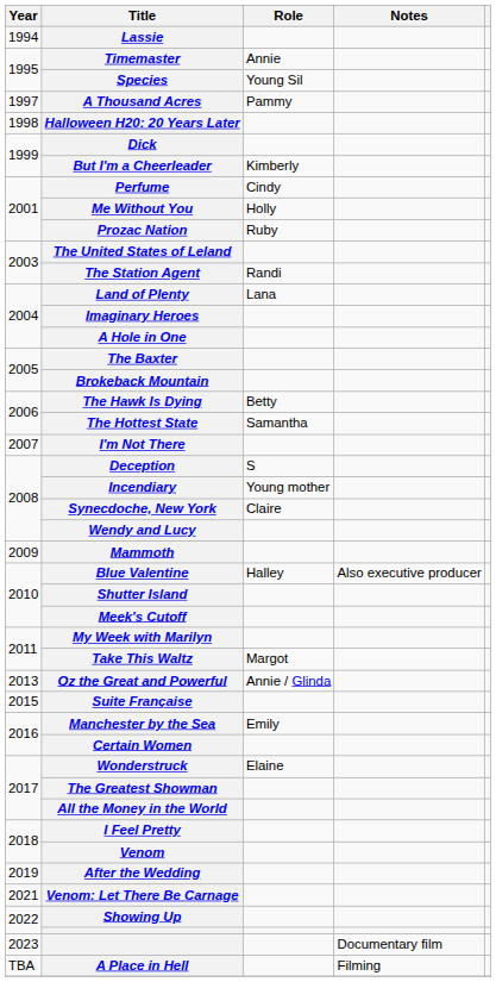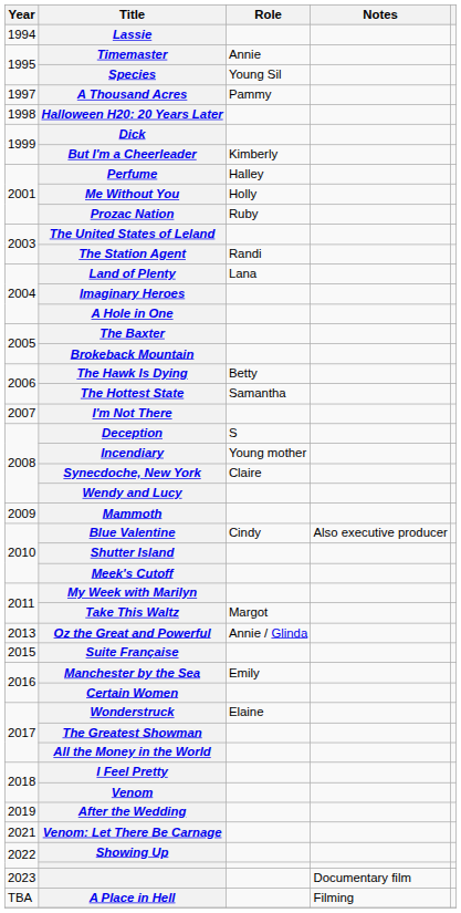 <table class="wikitable sortable plainrowheaders">
 <tr style="background:#ccc; text-align:center;">
 <th scope="col">Year</th>
 <th scope="col">Title</th>
 <th scope="col">Role</th>
 <th scope="col" class="unsortable">Notes</th>
 <th scope="col" class="unsortable"></th>
 </tr>
 <tr>
 <td>1994</td>
 <th scope="row"><em><a href='#'>Lassie</a></em></th>
 <td></td>
 <td></td>
 <td style="text-align: center;"></td>
 </tr>
 <tr>
 <td rowspan="2">1995</td>
 <th scope="row"><em><a href='#'>Timemaster</a></em></th>
 <td>Annie</td>
 <td></td>
 <td style="text-align: center;"></td>
 </tr>
 <tr>
 <th scope="row"><em><a href='#'>Species</a></em></th>
 <td>Young Sil</td>
 <td></td>
 <td style="text-align: center;"></td>
 </tr>
 <tr>
 <td>1997</td>
 <th scope="row" data-sort-value="Thousand Acres, A"><em><a href='#'>A Thousand Acres</a></em></th>
 <td>Pammy</td>
 <td></td>
 <td style="text-align: center;"></td>
 </tr>
 <tr>
 <td>1998</td>
 <th scope="row"><em><a href='#'>Halloween H20: 20 Years Later</a></em></th>
 <td></td>
 <td></td>
 <td style="text-align: center;"></td>
 </tr>
 <tr>
 <td rowspan="2">1999</td>
 <th scope="row"><em><a href='#'>Dick</a></em></th>
 <td></td>
 <td></td>
 <td style="text-align: center;"></td>
 </tr>
 <tr>
 <th scope="row"><em><a href='#'>But I'm a Cheerleader</a></em></th>
 <td>Kimberly</td>
 <td></td>
 <td style="text-align: center;"></td>
 </tr>
 <tr>
 <td rowspan="3">2001</td>
 <th scope="row"><em><a href='#'>Perfume</a></em></th>
-<td>Cindy</td>
+<td>Halley</td>
 <td></td>
 <td style="text-align: center;"></td>
 </tr>
 <tr>
 <th scope="row"><em><a href='#'>Me Without You</a></em></th>
 <td>Holly</td>
 <td></td>
 <td style="text-align: center;"></td>
 </tr>
 <tr>
 <th scope="row"><em><a href='#'>Prozac Nation</a></em></th>
 <td>Ruby</td>
 <td></td>
 <td style="text-align: center;"></td>
 </tr>
 <tr>
 <td rowspan="2">2003</td>
 <th scope="row" data-sort-value="United States of Leland, The"><em><a href='#'>The United States of Leland</a></em></th>
 <td></td>
 <td></td>
 <td style="text-align: center;"></td>
 </tr>
 <tr>
 <th scope="row" data-sort-value="Station Agent, The"><em><a href='#'>The Station Agent</a></em></th>
 <td>Randi</td>
 <td></td>
 <td style="text-align: center;"></td>
 </tr>
 <tr>
 <td rowspan="3">2004</td>
 <th scope="row"><em><a href='#'>Land of Plenty</a></em></th>
 <td>Lana</td>
 <td></td>
 <td style="text-align: center;"></td>
 </tr>
 <tr>
 <th scope="row"><em><a href='#'>Imaginary Heroes</a></em></th>
 <td></td>
 <td></td>
 <td style="text-align: center;"></td>
 </tr>
 <tr>
 <th scope="row" data-sort-value="Hole in One, A"><em><a href='#'>A Hole in One</a></em></th>
 <td></td>
 <td></td>
 <td style="text-align: center;"></td>
 </tr>
 <tr>
 <td rowspan="2">2005</td>
 <th scope="row" data-sort-value="Baxter, The"><em><a href='#'>The Baxter</a></em></th>
 <td></td>
 <td></td>
 <td style="text-align: center;"></td>
 </tr>
 <tr>
 <th scope="row"><em><a href='#'>Brokeback Mountain</a></em></th>
 <td></td>
 <td></td>
 <td style="text-align: center;"></td>
 </tr>
 <tr>
 <td rowspan="2">2006</td>
 <th scope="row" data-sort-value="Hawk Is Dying, The"><em><a href='#'>The Hawk Is Dying</a></em></th>
 <td>Betty</td>
 <td></td>
 <td style="text-align: center;"></td>
 </tr>
 <tr>
 <th scope="row" data-sort-value="Hottest State, The"><em><a href='#'>The Hottest State</a></em></th>
 <td>Samantha</td>
 <td></td>
 <td style="text-align: center;"></td>
 </tr>
 <tr>
 <td>2007</td>
 <th scope="row"><em><a href='#'>I'm Not There</a></em></th>
 <td></td>
 <td></td>
 <td style="text-align: center;"></td>
 </tr>
 <tr>
 <td rowspan="4">2008</td>
 <th scope="row"><em><a href='#'>Deception</a></em></th>
 <td>S</td>
 <td></td>
 <td style="text-align: center;"></td>
 </tr>
 <tr>
 <th scope="row"><em><a href='#'>Incendiary</a></em></th>
 <td>Young mother</td>
 <td></td>
 <td style="text-align: center;"></td>
 </tr>
 <tr>
 <th scope="row"><em><a href='#'>Synecdoche, New York</a></em></th>
 <td>Claire</td>
 <td></td>
 <td style="text-align: center;"></td>
 </tr>
 <tr>
 <th scope="row"><em><a href='#'>Wendy and Lucy</a></em></th>
 <td></td>
 <td></td>
 <td style="text-align: center;"></td>
 </tr>
 <tr>
 <td>2009</td>
 <th scope="row"><em><a href='#'>Mammoth</a></em></th>
 <td></td>
 <td></td>
 <td style="text-align: center;"></td>
 </tr>
 <tr>
 <td rowspan="3">2010</td>
 <th scope="row"><em><a href='#'>Blue Valentine</a></em></th>
-<td>Halley</td>
+<td>Cindy</td>
 <td>Also executive producer</td>
 <td style="text-align: center;"></td>
 </tr>
 <tr>
 <th scope="row"><em><a href='#'>Shutter Island</a></em></th>
 <td></td>
 <td></td>
 <td style="text-align: center;"></td>
 </tr>
 <tr>
 <th scope="row"><em><a href='#'>Meek's Cutoff</a></em></th>
 <td></td>
 <td></td>
 <td style="text-align: center;"></td>
 </tr>
 <tr>
 <td rowspan="2">2011</td>
 <th scope="row"><em><a href='#'>My Week with Marilyn</a></em></th>
 <td></td>
 <td></td>
 <td style="text-align: center;"></td>
 </tr>
 <tr>
 <th scope="row"><em><a href='#'>Take This Waltz</a></em></th>
 <td>Margot</td>
 <td></td>
 <td style="text-align: center;"></td>
 </tr>
 <tr>
 <td>2013</td>
 <th scope="row"><em><a href='#'>Oz the Great and Powerful</a></em></th>
 <td>Annie / <a href='#'>Glinda</a></td>
 <td></td>
 <td style="text-align: center;"></td>
 </tr>
 <tr>
 <td>2015</td>
 <th scope="row"><em><a href='#'>Suite Française</a></em></th>
 <td></td>
 <td></td>
 <td style="text-align: center;"></td>
 </tr>
 <tr>
 <td rowspan="2">2016</td>
 <th scope="row"><em><a href='#'>Manchester by the Sea</a></em></th>
 <td>Emily</td>
 <td></td>
 <td style="text-align: center;"></td>
 </tr>
 <tr>
 <th scope="row"><em><a href='#'>Certain Women</a></em></th>
 <td></td>
 <td></td>
 <td style="text-align: center;"></td>
 </tr>
 <tr>
 <td rowspan="3">2017</td>
 <th scope=row><em><a href='#'>Wonderstruck</a></em></th>
 <td>Elaine</td>
 <td></td>
 <td style="text-align: center;"></td>
 </tr>
 <tr>
 <th scope=row data-sort-value="Greatest Showman, The"><em><a href='#'>The Greatest Showman</a></em></th>
 <td></td>
 <td></td>
 <td style="text-align: center;"></td>
 </tr>
 <tr>
 <th scope=row><em><a href='#'>All the Money in the World</a></em></th>
 <td></td>
 <td></td>
 <td style="text-align: center;"></td>
 </tr>
 <tr>
 <td rowspan="2">2018</td>
 <th scope=row><em><a href='#'>I Feel Pretty</a></em></th>
 <td></td>
 <td></td>
 <td style="text-align: center;"></td>
 </tr>
 <tr>
 <th scope=row><em><a href='#'>Venom</a></em></th>
 <td></td>
 <td></td>
 <td style="text-align: center;"></td>
 </tr>
 <tr>
 <td>2019</td>
 <th scope=row><em><a href='#'>After the Wedding</a></em></th>
 <td></td>
 <td></td>
 <td style="text-align: center;"></td>
 </tr>
 <tr>
 <td>2021</td>
 <th scope=row><em><a href='#'>Venom: Let There Be Carnage</a></em></th>
 <td></td>
 <td></td>
 <td style="text-align: center;"></td>
 </tr>
 <tr>
 <td rowspan="2">2022</td>
 <th scope=row><em><a href='#'>Showing Up</a></em></th>
 <td></td>
 <td></td>
 <td style="text-align: center;"></td>
 </tr>
 <tr>
 <th scope=row></th>
 <td></td>
 <td></td>
 <td style="text-align:center;"></td>
 </tr>
 <tr>
 <td>2023</td>
 <th scope=row></th>
 <td></td>
 <td>Documentary film</td>
 <td style="text-align:center;"></td>
 </tr>
 <tr>
 <td>TBA</td>
 <th scope=row><em><a href='#'>A Place in Hell</a></em></th>
 <td></td>
 <td>Filming</td>
 <td style="text-align:center;"></td>
 </tr>
 <tr>
 </tr>
 </table>
